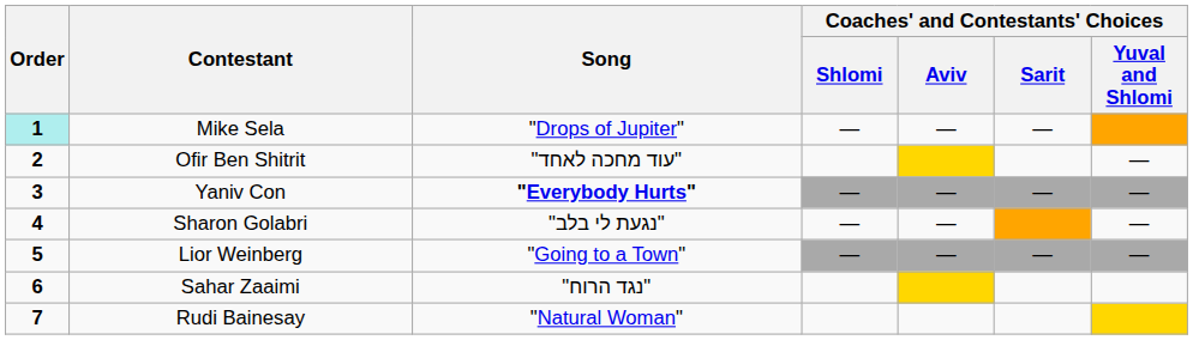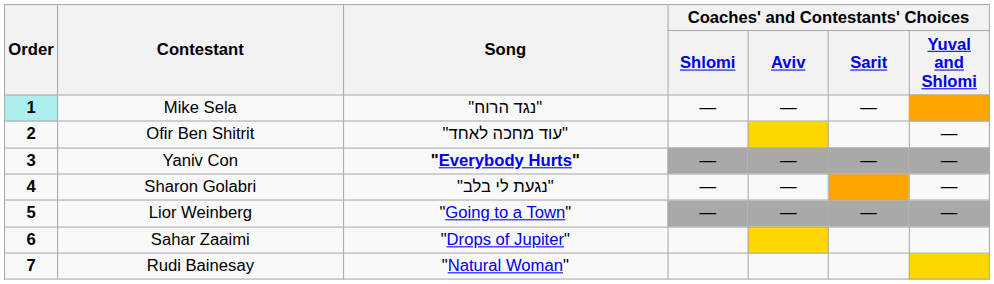 <table class="wikitable" style="text-align: center; width:75%;">
 <tr>
 <th rowspan=2 width="05%">Order</th>
 <th rowspan=2 width="29%">Contestant</th>
 <th rowspan=2>Song</th>
 <th colspan=4>Coaches' and Contestants' Choices</th>
 </tr>
 <tr>
 <th style="width:70px;"><a href='#'>Shlomi</a></th>
 <th style="width:70px;"><a href='#'>Aviv</a></th>
 <th style="width:70px;"><a href='#'>Sarit</a></th>
 <th style="width:70px;"><a href='#'>Yuval and Shlomi</a></th>
 </tr>
 <tr>
 <td align="center" style="background: paleturquoise;"><strong>1</strong></td>
 <td>Mike Sela</td>
-<td>"<a href='#'>Drops of Jupiter</a>"</td>
+<td>"נגד הרוח"</td>
 <td align="center">—</td>
 <td align="center">—</td>
 <td align="center">—</td>
 <td style="background:orange;text-align:center;"></td>
 </tr>
 <tr>
 <td align="center"><strong>2</strong></td>
 <td>Ofir Ben Shitrit</td>
 <td>"עוד מחכה לאחד"</td>
 <td style=";text-align:center;"></td>
 <td style="background:gold;text-align:center;"></td>
 <td style=";text-align:center;"></td>
 <td align="center">—</td>
 </tr>
 <tr>
 <td align="center"><strong>3</strong></td>
 <td>Yaniv Con</td>
 <td><strong>"<a href='#'>Everybody Hurts</a>"</strong></td>
 <td style="background:darkgrey;text-align:center;">—</td>
 <td style="background:darkgrey;text-align:center;">—</td>
 <td style="background:darkgrey;text-align:center;">—</td>
 <td style="background:darkgrey;text-align:center;">—</td>
 </tr>
 <tr>
 <td align="center"><strong>4</strong></td>
 <td>Sharon Golabri</td>
 <td>"נגעת לי בלב"</td>
 <td align="center">—</td>
 <td align="center">—</td>
 <td style="background:orange;text-align:center;"></td>
 <td align="center">—</td>
 </tr>
 <tr>
 <td align="center"><strong>5</strong></td>
 <td>Lior Weinberg</td>
 <td>"<a href='#'>Going to a Town</a>"</td>
 <td style="background:darkgrey;text-align:center;">—</td>
 <td style="background:darkgrey;text-align:center;">—</td>
 <td style="background:darkgrey;text-align:center;">—</td>
 <td style="background:darkgrey;text-align:center;">—</td>
 </tr>
 <tr>
 <td align="center"><strong>6</strong></td>
 <td>Sahar Zaaimi</td>
-<td>"נגד הרוח"</td>
+<td>"<a href='#'>Drops of Jupiter</a>"</td>
 <td style=";text-align:center;"></td>
 <td style="background:gold;text-align:center;"></td>
 <td style=";text-align:center;"></td>
 <td style=";text-align:center;"></td>
 </tr>
 <tr>
 <td align="center"><strong>7</strong></td>
 <td>Rudi Bainesay</td>
 <td>"<a href='#'>Natural Woman</a>"</td>
 <td style=";text-align:center;"></td>
 <td style=";text-align:center;"></td>
 <td style=";text-align:center;"></td>
 <td style="background:gold;text-align:center;"></td>
 </tr>
 </table>
